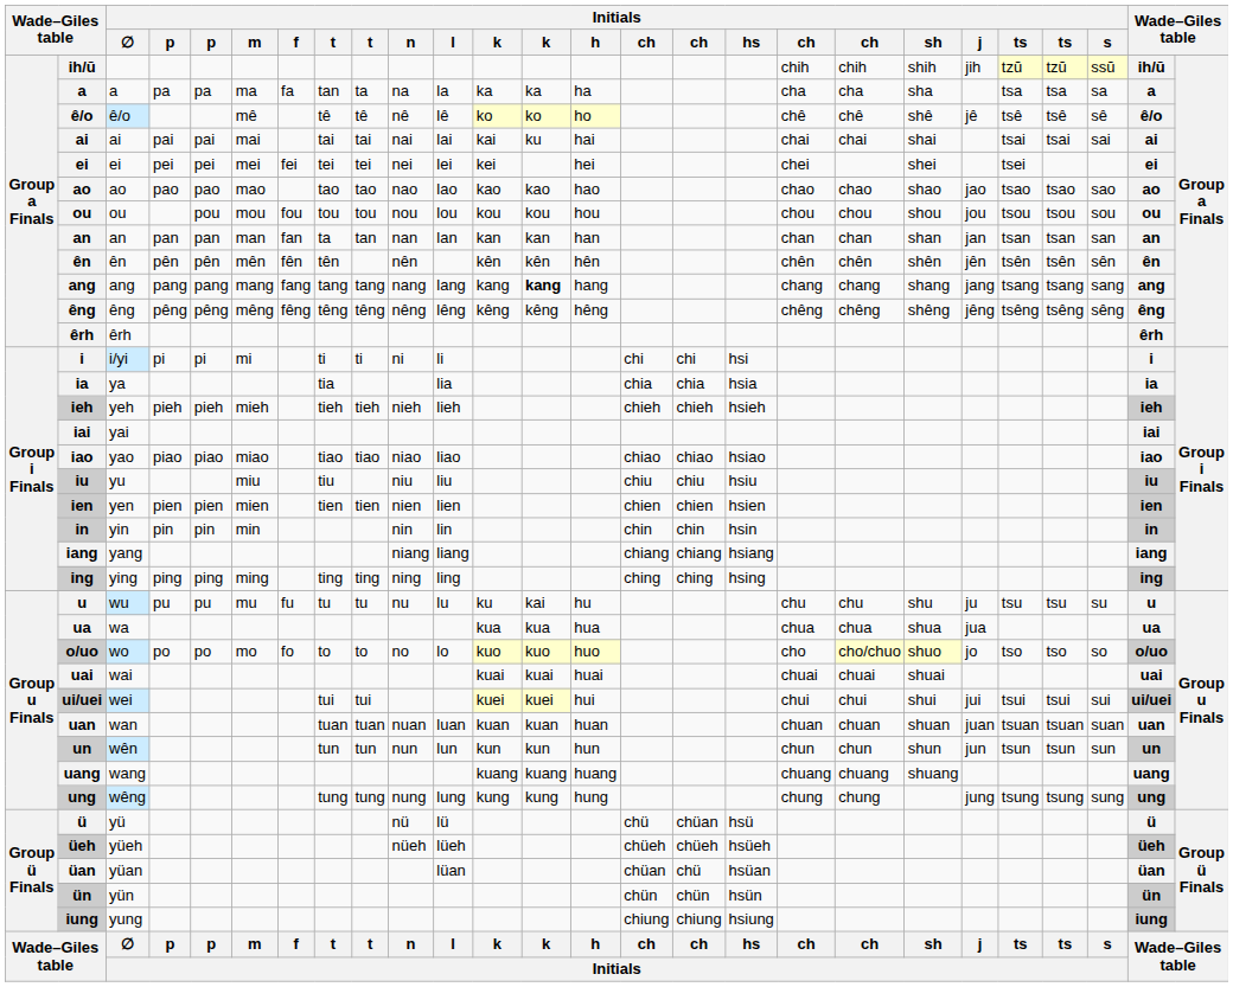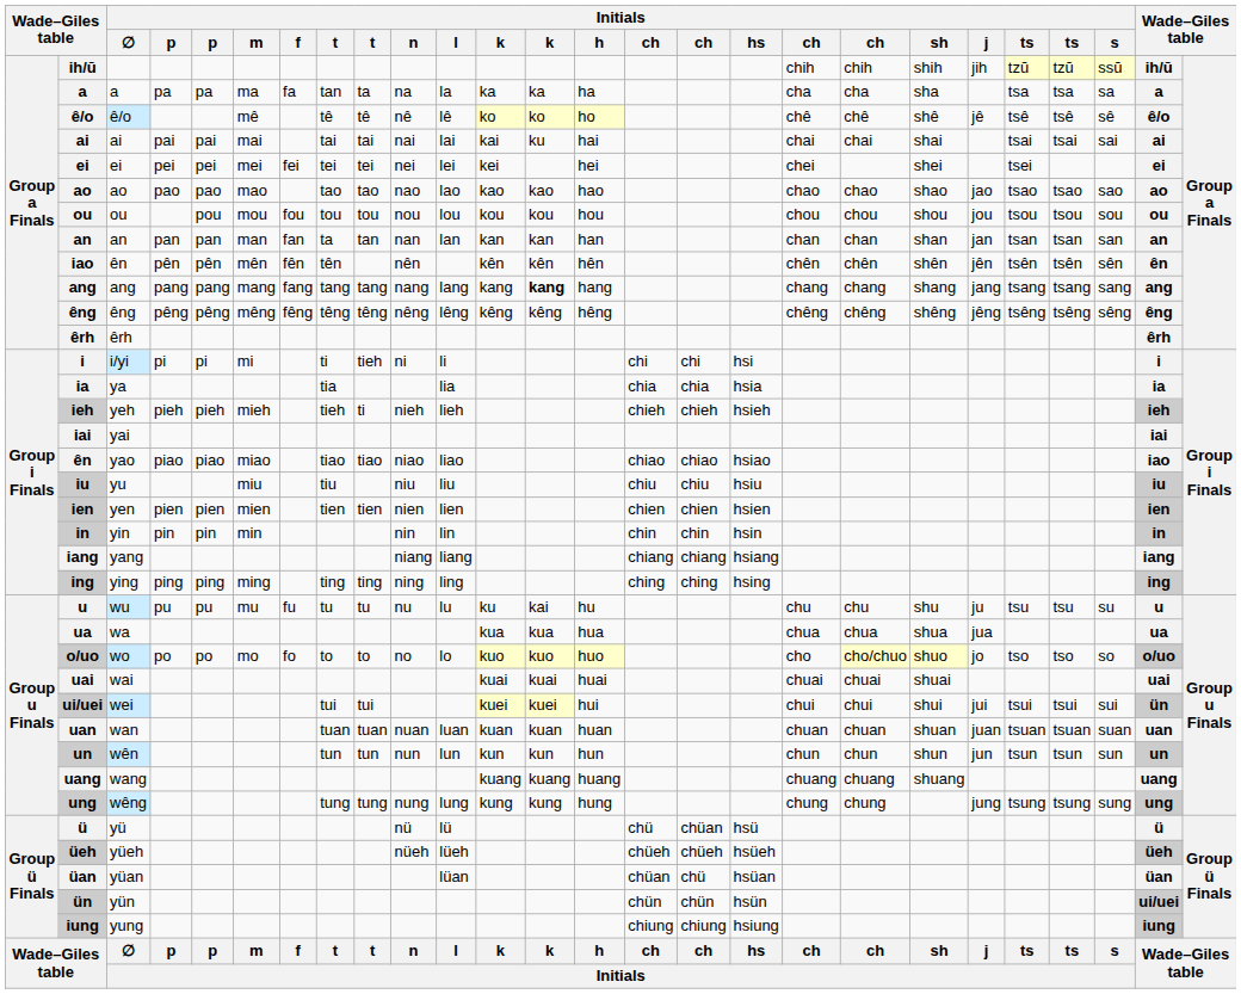 <table class=wikitable>
 <tr>
 <th rowspan=2 colspan=2>Wade–Giles table</th>
 <th colspan =22>Initials</th>
 <th rowspan=2 colspan=2>Wade–Giles table</th>
 </tr>
 <tr>
 <th>∅</th>
 <th>p</th>
 <th>p</th>
 <th>m</th>
 <th>f</th>
 <th>t</th>
 <th>t</th>
 <th>n</th>
 <th>l</th>
 <th>k</th>
 <th>k</th>
 <th>h</th>
 <th>ch</th>
 <th>ch</th>
 <th>hs</th>
 <th>ch</th>
 <th>ch</th>
 <th>sh</th>
 <th>j</th>
 <th>ts</th>
 <th>ts</th>
 <th>s</th>
 </tr>
 <tr>
 <th rowspan=12>Group a Finals</th>
 <th>ih/ŭ</th>
 <td></td>
 <td></td>
 <td></td>
 <td></td>
 <td></td>
 <td></td>
 <td></td>
 <td></td>
 <td></td>
 <td></td>
 <td></td>
 <td></td>
 <td></td>
 <td></td>
 <td></td>
 <td>chih</td>
 <td>chih</td>
 <td>shih</td>
 <td>jih</td>
 <td style="background:#FFFFCC;">tzŭ</td>
 <td style="background:#FFFFCC;">tzŭ</td>
 <td style="background:#FFFFCC;">ssŭ</td>
 <th>ih/ŭ</th>
 <th rowspan=12>Group a Finals</th>
 </tr>
 <tr ua>
 <th>a</th>
 <td>a</td>
 <td>pa</td>
 <td>pa</td>
 <td>ma</td>
 <td>fa</td>
 <td>tan</td>
 <td>ta</td>
 <td>na</td>
 <td>la</td>
 <td>ka</td>
 <td>ka</td>
 <td>ha</td>
 <td></td>
 <td></td>
 <td></td>
 <td>cha</td>
 <td>cha</td>
 <td>sha</td>
 <td></td>
 <td>tsa</td>
 <td>tsa</td>
 <td>sa</td>
 <th>a</th>
 </tr>
 <tr>
 <th>ê/o</th>
 <td style="background:#CCECFF;">ê/o</td>
 <td></td>
 <td></td>
 <td>mê</td>
 <td></td>
 <td>tê</td>
 <td>tê</td>
 <td>nê</td>
 <td>lê</td>
 <td style="background:#FFFFCC;">ko</td>
 <td style="background:#FFFFCC;">ko</td>
 <td style="background:#FFFFCC;">ho</td>
 <td></td>
 <td></td>
 <td></td>
 <td>chê</td>
 <td>chê</td>
 <td>shê</td>
 <td>jê</td>
 <td>tsê</td>
 <td>tsê</td>
 <td>sê</td>
 <th>ê/o</th>
 </tr>
 <tr>
 <th>ai</th>
 <td>ai</td>
 <td>pai</td>
 <td>pai</td>
 <td>mai</td>
 <td></td>
 <td>tai</td>
 <td>tai</td>
 <td>nai</td>
 <td>lai</td>
 <td>kai</td>
 <td>ku</td>
 <td>hai</td>
 <td></td>
 <td></td>
 <td></td>
 <td>chai</td>
 <td>chai</td>
 <td>shai</td>
 <td></td>
 <td>tsai</td>
 <td>tsai</td>
 <td>sai</td>
 <th>ai</th>
 </tr>
 <tr>
 <th>ei</th>
 <td>ei</td>
 <td>pei</td>
 <td>pei</td>
 <td>mei</td>
 <td>fei</td>
 <td>tei</td>
 <td>tei</td>
 <td>nei</td>
 <td>lei</td>
 <td>kei</td>
 <td></td>
 <td>hei</td>
 <td></td>
 <td></td>
 <td></td>
 <td>chei</td>
 <td></td>
 <td>shei</td>
 <td></td>
 <td>tsei</td>
 <td></td>
 <td></td>
 <th>ei</th>
 </tr>
 <tr>
 <th>ao</th>
 <td>ao</td>
 <td>pao</td>
 <td>pao</td>
 <td>mao</td>
 <td></td>
 <td>tao</td>
 <td>tao</td>
 <td>nao</td>
 <td>lao</td>
 <td>kao</td>
 <td>kao</td>
 <td>hao</td>
 <td></td>
 <td></td>
 <td></td>
 <td>chao</td>
 <td>chao</td>
 <td>shao</td>
 <td>jao</td>
 <td>tsao</td>
 <td>tsao</td>
 <td>sao</td>
 <th>ao</th>
 </tr>
 <tr>
 <th>ou</th>
 <td>ou</td>
 <td></td>
 <td>pou</td>
 <td>mou</td>
 <td>fou</td>
 <td>tou</td>
 <td>tou</td>
 <td>nou</td>
 <td>lou</td>
 <td>kou</td>
 <td>kou</td>
 <td>hou</td>
 <td></td>
 <td></td>
 <td></td>
 <td>chou</td>
 <td>chou</td>
 <td>shou</td>
 <td>jou</td>
 <td>tsou</td>
 <td>tsou</td>
 <td>sou</td>
 <th>ou</th>
 </tr>
 <tr>
 <th>an</th>
 <td>an</td>
 <td>pan</td>
 <td>pan</td>
 <td>man</td>
 <td>fan</td>
 <td>ta</td>
 <td>tan</td>
 <td>nan</td>
 <td>lan</td>
 <td>kan</td>
 <td>kan</td>
 <td>han</td>
 <td></td>
 <td></td>
 <td></td>
 <td>chan</td>
 <td>chan</td>
 <td>shan</td>
 <td>jan</td>
 <td>tsan</td>
 <td>tsan</td>
 <td>san</td>
 <th>an</th>
 </tr>
 <tr>
-<th>ên</th>
+<th>iao</th>
 <td>ên</td>
 <td>pên</td>
 <td>pên</td>
 <td>mên</td>
 <td>fên</td>
 <td>tên</td>
 <td></td>
 <td>nên</td>
 <td></td>
 <td>kên</td>
 <td>kên</td>
 <td>hên</td>
 <td></td>
 <td></td>
 <td></td>
 <td>chên</td>
 <td>chên</td>
 <td>shên</td>
 <td>jên</td>
 <td>tsên</td>
 <td>tsên</td>
 <td>sên</td>
 <th>ên</th>
 </tr>
 <tr>
 <th>ang</th>
 <td>ang</td>
 <td>pang</td>
 <td>pang</td>
 <td>mang</td>
 <td>fang</td>
 <td>tang</td>
 <td>tang</td>
 <td>nang</td>
 <td>lang</td>
 <td>kang</td>
 <td><strong>kang</strong></td>
 <td>hang</td>
 <td></td>
 <td></td>
 <td></td>
 <td>chang</td>
 <td>chang</td>
 <td>shang</td>
 <td>jang</td>
 <td>tsang</td>
 <td>tsang</td>
 <td>sang</td>
 <th>ang</th>
 </tr>
 <tr>
 <th>êng</th>
 <td>êng</td>
 <td>pêng</td>
 <td>pêng</td>
 <td>mêng</td>
 <td>fêng</td>
 <td>têng</td>
 <td>têng</td>
 <td>nêng</td>
 <td>lêng</td>
 <td>kêng</td>
 <td>kêng</td>
 <td>hêng</td>
 <td></td>
 <td></td>
 <td></td>
 <td>chêng</td>
 <td>chêng</td>
 <td>shêng</td>
 <td>jêng</td>
 <td>tsêng</td>
 <td>tsêng</td>
 <td>sêng</td>
 <th>êng</th>
 </tr>
 <tr>
 <th>êrh</th>
 <td>êrh</td>
 <td></td>
 <td></td>
 <td></td>
 <td></td>
 <td></td>
 <td></td>
 <td></td>
 <td></td>
 <td></td>
 <td></td>
 <td></td>
 <td></td>
 <td></td>
 <td></td>
 <td></td>
 <td></td>
 <td></td>
 <td></td>
 <td></td>
 <td></td>
 <td></td>
 <th>êrh</th>
 </tr>
 <tr>
 <th rowspan=10>Group i Finals</th>
 <th>i</th>
 <td style="background:#CCECFF;">i/yi</td>
 <td>pi</td>
 <td>pi</td>
 <td>mi</td>
 <td></td>
 <td>ti</td>
-<td>ti</td>
+<td>tieh</td>
 <td>ni</td>
 <td>li</td>
 <td></td>
 <td></td>
 <td></td>
 <td>chi</td>
 <td>chi</td>
 <td>hsi</td>
 <td></td>
 <td></td>
 <td></td>
 <td></td>
 <td></td>
 <td></td>
 <td></td>
 <th>i</th>
 <th rowspan=10>Group i Finals</th>
 </tr>
 <tr>
 <th>ia</th>
 <td>ya</td>
 <td></td>
 <td></td>
 <td></td>
 <td></td>
 <td>tia</td>
 <td></td>
 <td></td>
 <td>lia</td>
 <td></td>
 <td></td>
 <td></td>
 <td>chia</td>
 <td>chia</td>
 <td>hsia</td>
 <td></td>
 <td></td>
 <td></td>
 <td></td>
 <td></td>
 <td></td>
 <td></td>
 <th>ia</th>
 </tr>
 <tr>
 <th style="background:#CCCCCC;">ieh</th>
 <td>yeh</td>
 <td>pieh</td>
 <td>pieh</td>
 <td>mieh</td>
 <td></td>
 <td>tieh</td>
-<td>tieh</td>
+<td>ti</td>
 <td>nieh</td>
 <td>lieh</td>
 <td></td>
 <td></td>
 <td></td>
 <td>chieh</td>
 <td>chieh</td>
 <td>hsieh</td>
 <td></td>
 <td></td>
 <td></td>
 <td></td>
 <td></td>
 <td></td>
 <td></td>
 <th style="background:#CCCCCC;">ieh</th>
 </tr>
 <tr>
 <th>iai</th>
 <td>yai</td>
 <td></td>
 <td></td>
 <td></td>
 <td></td>
 <td></td>
 <td></td>
 <td></td>
 <td></td>
 <td></td>
 <td></td>
 <td></td>
 <td></td>
 <td></td>
 <td></td>
 <td></td>
 <td></td>
 <td></td>
 <td></td>
 <td></td>
 <td></td>
 <td></td>
 <th>iai</th>
 </tr>
 <tr>
-<th>iao</th>
+<th>ên</th>
 <td>yao</td>
 <td>piao</td>
 <td>piao</td>
 <td>miao</td>
 <td></td>
 <td>tiao</td>
 <td>tiao</td>
 <td>niao</td>
 <td>liao</td>
 <td></td>
 <td></td>
 <td></td>
 <td>chiao</td>
 <td>chiao</td>
 <td>hsiao</td>
 <td></td>
 <td></td>
 <td></td>
 <td></td>
 <td></td>
 <td></td>
 <td></td>
 <th>iao</th>
 </tr>
 <tr>
 <th style="background:#CCCCCC;">iu</th>
 <td>yu</td>
 <td></td>
 <td></td>
 <td>miu</td>
 <td></td>
 <td>tiu</td>
 <td></td>
 <td>niu</td>
 <td>liu</td>
 <td></td>
 <td></td>
 <td></td>
 <td>chiu</td>
 <td>chiu</td>
 <td>hsiu</td>
 <td></td>
 <td></td>
 <td></td>
 <td></td>
 <td></td>
 <td></td>
 <td></td>
 <th style="background:#CCCCCC;">iu</th>
 </tr>
 <tr>
 <th style="background:#CCCCCC;">ien</th>
 <td>yen</td>
 <td>pien</td>
 <td>pien</td>
 <td>mien</td>
 <td></td>
 <td>tien</td>
 <td>tien</td>
 <td>nien</td>
 <td>lien</td>
 <td></td>
 <td></td>
 <td></td>
 <td>chien</td>
 <td>chien</td>
 <td>hsien</td>
 <td></td>
 <td></td>
 <td></td>
 <td></td>
 <td></td>
 <td></td>
 <td></td>
 <th style="background:#CCCCCC;">ien</th>
 </tr>
 <tr>
 <th style="background:#CCCCCC;">in</th>
 <td>yin</td>
 <td>pin</td>
 <td>pin</td>
 <td>min</td>
 <td></td>
 <td></td>
 <td></td>
 <td>nin</td>
 <td>lin</td>
 <td></td>
 <td></td>
 <td></td>
 <td>chin</td>
 <td>chin</td>
 <td>hsin</td>
 <td></td>
 <td></td>
 <td></td>
 <td></td>
 <td></td>
 <td></td>
 <td></td>
 <th style="background:#CCCCCC;">in</th>
 </tr>
 <tr>
 <th>iang</th>
 <td>yang</td>
 <td></td>
 <td></td>
 <td></td>
 <td></td>
 <td></td>
 <td></td>
 <td>niang</td>
 <td>liang</td>
 <td></td>
 <td></td>
 <td></td>
 <td>chiang</td>
 <td>chiang</td>
 <td>hsiang</td>
 <td></td>
 <td></td>
 <td></td>
 <td></td>
 <td></td>
 <td></td>
 <td></td>
 <th>iang</th>
 </tr>
 <tr>
 <th style="background:#CCCCCC;">ing</th>
 <td>ying</td>
 <td>ping</td>
 <td>ping</td>
 <td>ming</td>
 <td></td>
 <td>ting</td>
 <td>ting</td>
 <td>ning</td>
 <td>ling</td>
 <td></td>
 <td></td>
 <td></td>
 <td>ching</td>
 <td>ching</td>
 <td>hsing</td>
 <td></td>
 <td></td>
 <td></td>
 <td></td>
 <td></td>
 <td></td>
 <td></td>
 <th style="background:#CCCCCC;">ing</th>
 </tr>
 <tr>
 <th rowspan=9>Group u Finals</th>
 <th>u</th>
 <td style="background:#CCECFF;">wu</td>
 <td>pu</td>
 <td>pu</td>
 <td>mu</td>
 <td>fu</td>
 <td>tu</td>
 <td>tu</td>
 <td>nu</td>
 <td>lu</td>
 <td>ku</td>
 <td>kai</td>
 <td>hu</td>
 <td></td>
 <td></td>
 <td></td>
 <td>chu</td>
 <td>chu</td>
 <td>shu</td>
 <td>ju</td>
 <td>tsu</td>
 <td>tsu</td>
 <td>su</td>
 <th>u</th>
 <th rowspan=9>Group u Finals</th>
 </tr>
 <tr>
 <th>ua</th>
 <td>wa</td>
 <td></td>
 <td></td>
 <td></td>
 <td></td>
 <td></td>
 <td></td>
 <td></td>
 <td></td>
 <td>kua</td>
 <td>kua</td>
 <td>hua</td>
 <td></td>
 <td></td>
 <td></td>
 <td>chua</td>
 <td>chua</td>
 <td>shua</td>
 <td>jua</td>
 <td></td>
 <td></td>
 <td></td>
 <th>ua</th>
 </tr>
 <tr>
 <th style="background:#CCCCCC;">o/uo</th>
 <td style="background:#CCECFF;">wo</td>
 <td>po</td>
 <td>po</td>
 <td>mo</td>
 <td>fo</td>
 <td>to</td>
 <td>to</td>
 <td>no</td>
 <td>lo</td>
 <td style="background:#FFFFCC;">kuo</td>
 <td style="background:#FFFFCC;">kuo</td>
 <td style="background:#FFFFCC;">huo</td>
 <td></td>
 <td></td>
 <td></td>
 <td>cho</td>
 <td style="background:#FFFFCC;">cho/chuo</td>
 <td style="background:#FFFFCC;">shuo</td>
 <td>jo</td>
 <td>tso</td>
 <td>tso</td>
 <td>so</td>
 <th style="background:#CCCCCC;">o/uo</th>
 </tr>
 <tr>
 <th>uai</th>
 <td>wai</td>
 <td></td>
 <td></td>
 <td></td>
 <td></td>
 <td></td>
 <td></td>
 <td></td>
 <td></td>
 <td>kuai</td>
 <td>kuai</td>
 <td>huai</td>
 <td></td>
 <td></td>
 <td></td>
 <td>chuai</td>
 <td>chuai</td>
 <td>shuai</td>
 <td></td>
 <td></td>
 <td></td>
 <td></td>
 <th>uai</th>
 </tr>
 <tr>
 <th style="background:#CCCCCC;">ui/uei</th>
 <td style="background:#CCECFF;">wei</td>
 <td></td>
 <td></td>
 <td></td>
 <td></td>
 <td>tui</td>
 <td>tui</td>
 <td></td>
 <td></td>
 <td style="background:#FFFFCC;">kuei</td>
 <td style="background:#FFFFCC;">kuei</td>
 <td>hui</td>
 <td></td>
 <td></td>
 <td></td>
 <td>chui</td>
 <td>chui</td>
 <td>shui</td>
 <td>jui</td>
 <td>tsui</td>
 <td>tsui</td>
 <td>sui</td>
-<th style="background:#CCCCCC;">ui/uei</th>
+<th style="background:#CCCCCC;">ün</th>
 </tr>
 <tr>
 <th>uan</th>
 <td>wan</td>
 <td></td>
 <td></td>
 <td></td>
 <td></td>
 <td>tuan</td>
 <td>tuan</td>
 <td>nuan</td>
 <td>luan</td>
 <td>kuan</td>
 <td>kuan</td>
 <td>huan</td>
 <td></td>
 <td></td>
 <td></td>
 <td>chuan</td>
 <td>chuan</td>
 <td>shuan</td>
 <td>juan</td>
 <td>tsuan</td>
 <td>tsuan</td>
 <td>suan</td>
 <th>uan</th>
 </tr>
 <tr>
 <th style="background:#CCCCCC;">un</th>
 <td style="background:#CCECFF;">wên</td>
 <td></td>
 <td></td>
 <td></td>
 <td></td>
 <td>tun</td>
 <td>tun</td>
 <td>nun</td>
 <td>lun</td>
 <td>kun</td>
 <td>kun</td>
 <td>hun</td>
 <td></td>
 <td></td>
 <td></td>
 <td>chun</td>
 <td>chun</td>
 <td>shun</td>
 <td>jun</td>
 <td>tsun</td>
 <td>tsun</td>
 <td>sun</td>
 <th style="background:#CCCCCC;">un</th>
 </tr>
 <tr>
 <th>uang</th>
 <td>wang</td>
 <td></td>
 <td></td>
 <td></td>
 <td></td>
 <td></td>
 <td></td>
 <td></td>
 <td></td>
 <td>kuang</td>
 <td>kuang</td>
 <td>huang</td>
 <td></td>
 <td></td>
 <td></td>
 <td>chuang</td>
 <td>chuang</td>
 <td>shuang</td>
 <td></td>
 <td></td>
 <td></td>
 <td></td>
 <th>uang</th>
 </tr>
 <tr>
 <th style="background:#CCCCCC;">ung</th>
 <td style="background:#CCECFF;">wêng</td>
 <td></td>
 <td></td>
 <td></td>
 <td></td>
 <td>tung</td>
 <td>tung</td>
 <td>nung</td>
 <td>lung</td>
 <td>kung</td>
 <td>kung</td>
 <td>hung</td>
 <td></td>
 <td></td>
 <td></td>
 <td>chung</td>
 <td>chung</td>
 <td></td>
 <td>jung</td>
 <td>tsung</td>
 <td>tsung</td>
 <td>sung</td>
 <th style="background:#CCCCCC;">ung</th>
 </tr>
 <tr>
 <th rowspan=5>Group ü Finals</th>
 <th>ü</th>
 <td>yü</td>
 <td></td>
 <td></td>
 <td></td>
 <td></td>
 <td></td>
 <td></td>
 <td>nü</td>
 <td>lü</td>
 <td></td>
 <td></td>
 <td></td>
 <td>chü</td>
 <td>chüan</td>
 <td>hsü</td>
 <td></td>
 <td></td>
 <td></td>
 <td></td>
 <td></td>
 <td></td>
 <td></td>
 <th>ü</th>
 <th rowspan=5>Group ü Finals</th>
 </tr>
 <tr>
 <th style="background:#CCCCCC;">üeh</th>
 <td>yüeh</td>
 <td></td>
 <td></td>
 <td></td>
 <td></td>
 <td></td>
 <td></td>
 <td>nüeh</td>
 <td>lüeh</td>
 <td></td>
 <td></td>
 <td></td>
 <td>chüeh</td>
 <td>chüeh</td>
 <td>hsüeh</td>
 <td></td>
 <td></td>
 <td></td>
 <td></td>
 <td></td>
 <td></td>
 <td></td>
 <th style="background:#CCCCCC;">üeh</th>
 </tr>
 <tr>
 <th>üan</th>
 <td>yüan</td>
 <td></td>
 <td></td>
 <td></td>
 <td></td>
 <td></td>
 <td></td>
 <td></td>
 <td>lüan</td>
 <td></td>
 <td></td>
 <td></td>
 <td>chüan</td>
 <td>chü</td>
 <td>hsüan</td>
 <td></td>
 <td></td>
 <td></td>
 <td></td>
 <td></td>
 <td></td>
 <td></td>
 <th>üan</th>
 </tr>
 <tr>
 <th style="background:#CCCCCC;">ün</th>
 <td>yün</td>
 <td></td>
 <td></td>
 <td></td>
 <td></td>
 <td></td>
 <td></td>
 <td></td>
 <td></td>
 <td></td>
 <td></td>
 <td></td>
 <td>chün</td>
 <td>chün</td>
 <td>hsün</td>
 <td></td>
 <td></td>
 <td></td>
 <td></td>
 <td></td>
 <td></td>
 <td></td>
-<th style="background:#CCCCCC;">ün</th>
+<th style="background:#CCCCCC;">ui/uei</th>
 </tr>
 <tr>
 <th style="background:#CCCCCC;">iung</th>
 <td>yung</td>
 <td></td>
 <td></td>
 <td></td>
 <td></td>
 <td></td>
 <td></td>
 <td></td>
 <td></td>
 <td></td>
 <td></td>
 <td></td>
 <td>chiung</td>
 <td>chiung</td>
 <td>hsiung</td>
 <td></td>
 <td></td>
 <td></td>
 <td></td>
 <td></td>
 <td></td>
 <td></td>
 <th style="background:#CCCCCC;">iung</th>
 </tr>
 <tr>
 <th rowspan=2 colspan=2>Wade–Giles table</th>
 <th>∅</th>
 <th>p</th>
 <th>p</th>
 <th>m</th>
 <th>f</th>
 <th>t</th>
 <th>t</th>
 <th>n</th>
 <th>l</th>
 <th>k</th>
 <th>k</th>
 <th>h</th>
 <th>ch</th>
 <th>ch</th>
 <th>hs</th>
 <th>ch</th>
 <th>ch</th>
 <th>sh</th>
 <th>j</th>
 <th>ts</th>
 <th>ts</th>
 <th>s</th>
 <th rowspan=2 colspan=2>Wade–Giles table</th>
 </tr>
 <tr>
 <th colspan =22>Initials</th>
 </tr>
 </table>
